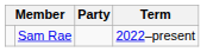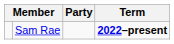 <table class=wikitable style="text-align:center">
 <tr>
 <th colspan=2>Member</th>
 <th>Party</th>
 <th>Term</th>
 </tr>
 <tr>
 <td rowspan=2 > </td>
 <td><a href='#'>Sam Rae</a></td>
 <td></td>
-<td><a href='#'>2022</a>–present</td>
+<td><strong><a href='#'>2022</a>–present</strong></td>
 </tr>
 </table>
